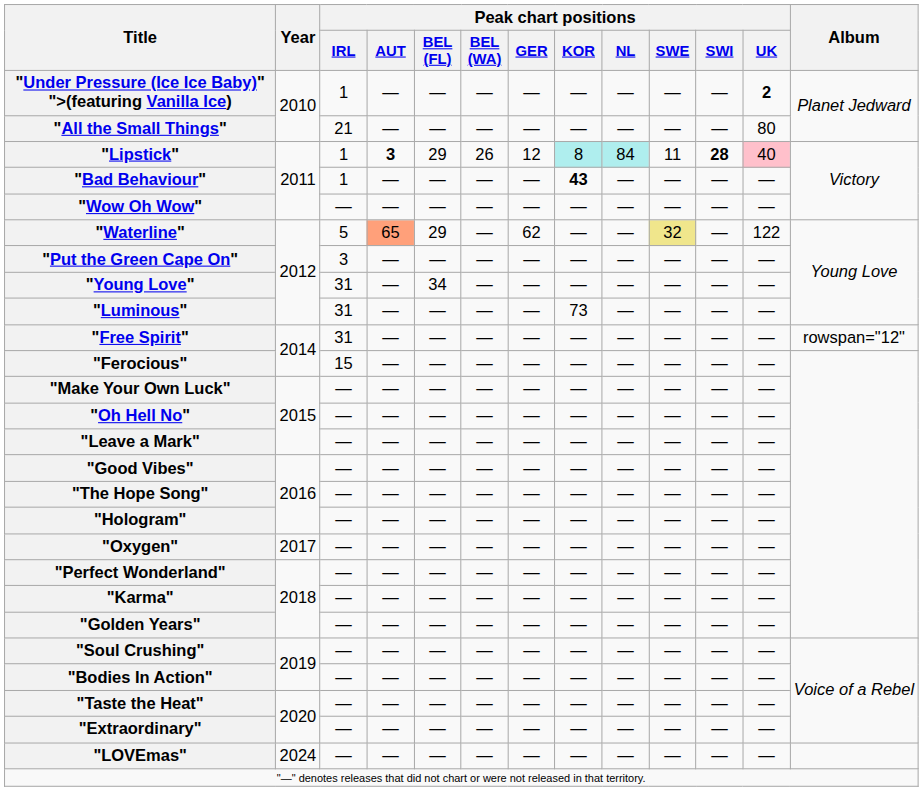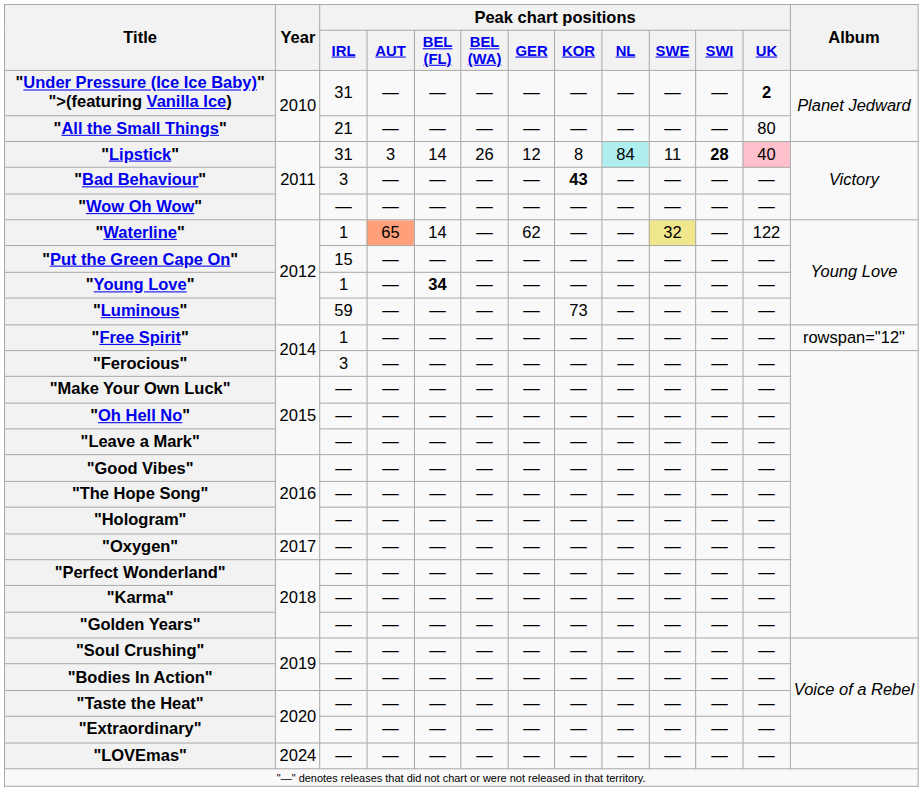 <table class="wikitable plainrowheaders" style="text-align:center;" border="1">
 <tr>
 <th scope="col" rowspan="2" style="width:16em;">Title</th>
 <th scope="col" rowspan="2" style="width:1em;">Year</th>
 <th scope="col" colspan="10">Peak chart positions</th>
 <th scope="col" rowspan="2">Album</th>
 </tr>
 <tr>
 <th scope="col" style="width:2.7em;font-size:90%;"><a href='#'>IRL</a><br></th>
 <th scope="col" style="width:2.7em;font-size:90%;"><a href='#'>AUT</a><br></th>
 <th scope="col" style="width:2.7em;font-size:90%;"><a href='#'>BEL<br>(FL)</a><br></th>
 <th scope="col" style="width:2.7em;font-size:90%;"><a href='#'>BEL<br>(WA)</a><br></th>
 <th scope="col" style="width:2.7em;font-size:90%;"><a href='#'>GER</a><br></th>
 <th scope="col" style="width:2.7em;font-size:90%;"><a href='#'>KOR</a><br></th>
 <th scope="col" style="width:2.7em;font-size:90%;"><a href='#'>NL</a><br></th>
 <th scope="col" style="width:2.7em;font-size:90%;"><a href='#'>SWE</a><br></th>
 <th scope="col" style="width:2.7em;font-size:90%;"><a href='#'>SWI</a><br></th>
 <th scope="col" style="width:2.7em;font-size:90%;"><a href='#'>UK</a><br></th>
 </tr>
 <tr>
 <th scope="row">"<a href='#'>Under Pressure (Ice Ice Baby)</a>"<br><span>">(featuring <a href='#'>Vanilla Ice</a>)</span></th>
 <td rowspan="2">2010</td>
-<td>1</td>
+<td>31</td>
 <td>—</td>
 <td>—</td>
 <td>—</td>
 <td>—</td>
 <td>—</td>
 <td>—</td>
 <td>—</td>
 <td>—</td>
 <td><strong>2</strong></td>
 <td rowspan="2"><em>Planet Jedward</em></td>
 </tr>
 <tr>
 <th scope="row">"<a href='#'>All the Small Things</a>"</th>
 <td>21</td>
 <td>—</td>
 <td>—</td>
 <td>—</td>
 <td>—</td>
 <td>—</td>
 <td>—</td>
 <td>—</td>
 <td>—</td>
 <td>80</td>
 </tr>
 <tr>
 <th scope="row">"<a href='#'>Lipstick</a>"</th>
 <td rowspan="3">2011</td>
-<td>1</td>
-<td><strong>3</strong></td>
-<td>29</td>
+<td>31</td>
+<td>3</td>
+<td>14</td>
 <td>26</td>
 <td>12</td>
-<td style="background: paleturquoise;">8</td>
+<td>8</td>
 <td style="background: paleturquoise;">84</td>
 <td>11</td>
 <td><strong>28</strong></td>
 <td style="background: pink;">40</td>
 <td rowspan="3"><em>Victory</em></td>
 </tr>
 <tr>
 <th scope="row">"<a href='#'>Bad Behaviour</a>"</th>
-<td>1</td>
+<td>3</td>
 <td>—</td>
 <td>—</td>
 <td>—</td>
 <td>—</td>
 <td><strong>43</strong></td>
 <td>—</td>
 <td>—</td>
 <td>—</td>
 <td>—</td>
 </tr>
 <tr>
 <th scope="row">"<a href='#'>Wow Oh Wow</a>"</th>
 <td>—</td>
 <td>—</td>
 <td>—</td>
 <td>—</td>
 <td>—</td>
 <td>—</td>
 <td>—</td>
 <td>—</td>
 <td>—</td>
 <td>—</td>
 </tr>
 <tr>
 <th scope="row">"<a href='#'>Waterline</a>"</th>
 <td rowspan="4">2012</td>
-<td>5</td>
+<td>1</td>
 <td style="background: lightsalmon;">65</td>
-<td>29</td>
+<td>14</td>
 <td>—</td>
 <td>62</td>
 <td>—</td>
 <td>—</td>
 <td style="background: khaki;">32</td>
 <td>—</td>
 <td>122</td>
 <td rowspan="4"><em>Young Love</em></td>
 </tr>
 <tr>
 <th scope="row">"<a href='#'>Put the Green Cape On</a>"</th>
-<td>3</td>
+<td>15</td>
 <td>—</td>
 <td>—</td>
 <td>—</td>
 <td>—</td>
 <td>—</td>
 <td>—</td>
 <td>—</td>
 <td>—</td>
 <td>—</td>
 </tr>
 <tr>
 <th scope="row">"<a href='#'>Young Love</a>"</th>
-<td>31</td>
+<td>1</td>
 <td>—</td>
-<td>34</td>
+<td><strong>34</strong></td>
 <td>—</td>
 <td>—</td>
 <td>—</td>
 <td>—</td>
 <td>—</td>
 <td>—</td>
 <td>—</td>
 </tr>
 <tr>
 <th scope="row">"<a href='#'>Luminous</a>"</th>
-<td>31</td>
+<td>59</td>
 <td>—</td>
 <td>—</td>
 <td>—</td>
 <td>—</td>
 <td>73</td>
 <td>—</td>
 <td>—</td>
 <td>—</td>
 <td>—</td>
 </tr>
 <tr>
 <th scope="row">"<a href='#'>Free Spirit</a>"</th>
 <td rowspan="2">2014</td>
-<td>31</td>
+<td>1</td>
 <td>—</td>
 <td>—</td>
 <td>—</td>
 <td>—</td>
 <td>—</td>
 <td>—</td>
 <td>—</td>
 <td>—</td>
 <td>—</td>
 <td>rowspan="12" </td>
 </tr>
 <tr>
 <th scope="row">"Ferocious"</th>
-<td>15</td>
+<td>3</td>
 <td>—</td>
 <td>—</td>
 <td>—</td>
 <td>—</td>
 <td>—</td>
 <td>—</td>
 <td>—</td>
 <td>—</td>
 <td>—</td>
 </tr>
 <tr>
 <th scope="row">"Make Your Own Luck"</th>
 <td rowspan="3">2015</td>
 <td>—</td>
 <td>—</td>
 <td>—</td>
 <td>—</td>
 <td>—</td>
 <td>—</td>
 <td>—</td>
 <td>—</td>
 <td>—</td>
 <td>—</td>
 </tr>
 <tr>
 <th scope="row">"<a href='#'>Oh Hell No</a>"</th>
 <td>—</td>
 <td>—</td>
 <td>—</td>
 <td>—</td>
 <td>—</td>
 <td>—</td>
 <td>—</td>
 <td>—</td>
 <td>—</td>
 <td>—</td>
 </tr>
 <tr>
 <th scope="row">"Leave a Mark"</th>
 <td>—</td>
 <td>—</td>
 <td>—</td>
 <td>—</td>
 <td>—</td>
 <td>—</td>
 <td>—</td>
 <td>—</td>
 <td>—</td>
 <td>—</td>
 </tr>
 <tr>
 <th scope="row">"Good Vibes"</th>
 <td rowspan="3">2016</td>
 <td>—</td>
 <td>—</td>
 <td>—</td>
 <td>—</td>
 <td>—</td>
 <td>—</td>
 <td>—</td>
 <td>—</td>
 <td>—</td>
 <td>—</td>
 </tr>
 <tr>
 <th scope="row">"The Hope Song"</th>
 <td>—</td>
 <td>—</td>
 <td>—</td>
 <td>—</td>
 <td>—</td>
 <td>—</td>
 <td>—</td>
 <td>—</td>
 <td>—</td>
 <td>—</td>
 </tr>
 <tr>
 <th scope="row">"Hologram"</th>
 <td>—</td>
 <td>—</td>
 <td>—</td>
 <td>—</td>
 <td>—</td>
 <td>—</td>
 <td>—</td>
 <td>—</td>
 <td>—</td>
 <td>—</td>
 </tr>
 <tr>
 <th scope="row">"Oxygen"</th>
 <td>2017</td>
 <td>—</td>
 <td>—</td>
 <td>—</td>
 <td>—</td>
 <td>—</td>
 <td>—</td>
 <td>—</td>
 <td>—</td>
 <td>—</td>
 <td>—</td>
 </tr>
 <tr>
 <th scope="row">"Perfect Wonderland"</th>
 <td rowspan="3">2018</td>
 <td>—</td>
 <td>—</td>
 <td>—</td>
 <td>—</td>
 <td>—</td>
 <td>—</td>
 <td>—</td>
 <td>—</td>
 <td>—</td>
 <td>—</td>
 </tr>
 <tr>
 <th scope="row">"Karma"</th>
 <td>—</td>
 <td>—</td>
 <td>—</td>
 <td>—</td>
 <td>—</td>
 <td>—</td>
 <td>—</td>
 <td>—</td>
 <td>—</td>
 <td>—</td>
 </tr>
 <tr>
 <th scope="row">"Golden Years"</th>
 <td>—</td>
 <td>—</td>
 <td>—</td>
 <td>—</td>
 <td>—</td>
 <td>—</td>
 <td>—</td>
 <td>—</td>
 <td>—</td>
 <td>—</td>
 </tr>
 <tr>
 <th scope="row">"Soul Crushing"</th>
 <td rowspan="2">2019</td>
 <td>—</td>
 <td>—</td>
 <td>—</td>
 <td>—</td>
 <td>—</td>
 <td>—</td>
 <td>—</td>
 <td>—</td>
 <td>—</td>
 <td>—</td>
 <td rowspan="4"><em>Voice of a Rebel</em></td>
 </tr>
 <tr>
 <th scope="row">"Bodies In Action"</th>
 <td>—</td>
 <td>—</td>
 <td>—</td>
 <td>—</td>
 <td>—</td>
 <td>—</td>
 <td>—</td>
 <td>—</td>
 <td>—</td>
 <td>—</td>
 </tr>
 <tr>
 <th scope="row">"Taste the Heat"</th>
 <td rowspan="2">2020</td>
 <td>—</td>
 <td>—</td>
 <td>—</td>
 <td>—</td>
 <td>—</td>
 <td>—</td>
 <td>—</td>
 <td>—</td>
 <td>—</td>
 <td>—</td>
 </tr>
 <tr>
 <th scope="row">"Extraordinary"</th>
 <td>—</td>
 <td>—</td>
 <td>—</td>
 <td>—</td>
 <td>—</td>
 <td>—</td>
 <td>—</td>
 <td>—</td>
 <td>—</td>
 <td>—</td>
 </tr>
 <tr>
 <th scope="row">"LOVEmas"</th>
 <td>2024</td>
 <td>—</td>
 <td>—</td>
 <td>—</td>
 <td>—</td>
 <td>—</td>
 <td>—</td>
 <td>—</td>
 <td>—</td>
 <td>—</td>
 <td>—</td>
 <td></td>
 </tr>
 <tr>
 <td colspan="13" align="center" style="font-size:8pt">"—" denotes releases that did not chart or were not released in that territory.</td>
 </tr>
 </table>
